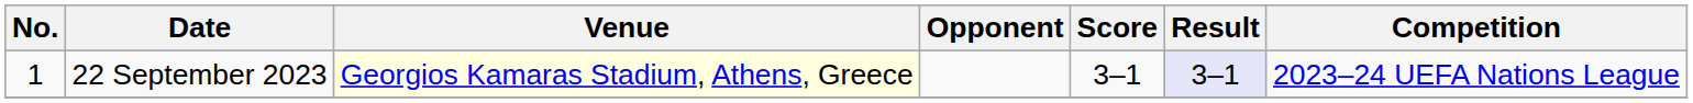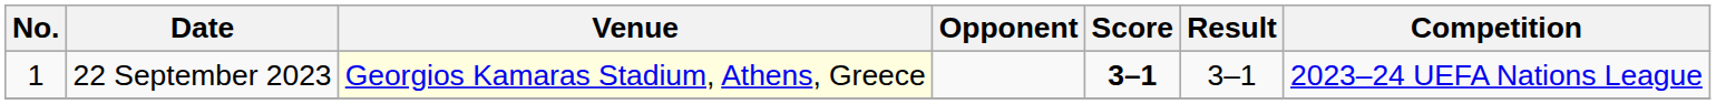 <table class="wikitable sortable">
 <tr>
 <th>No.</th>
 <th>Date</th>
 <th>Venue</th>
 <th>Opponent</th>
 <th>Score</th>
 <th>Result</th>
 <th>Competition</th>
 </tr>
 <tr>
 <td align=center>1</td>
 <td>22 September 2023</td>
 <td style="background: lightyellow;"><a href='#'>Georgios Kamaras Stadium</a>, <a href='#'>Athens</a>, Greece</td>
 <td></td>
+<td align=center><strong>3–1</strong></td>
 <td align=center>3–1</td>
-<td align=center style="background: lavender;">3–1</td>
 <td><a href='#'>2023–24 UEFA Nations League</a></td>
 </tr>
 <tr>
 </tr>
 </table>
